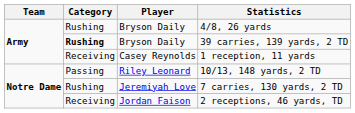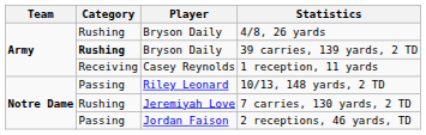 <table class="wikitable" style="float: right;">
 <tr>
 <th>Team</th>
 <th>Category</th>
 <th>Player</th>
 <th>Statistics</th>
 </tr>
 <tr>
 <td rowspan=3><strong>Army</strong></td>
 <td>Rushing</td>
 <td>Bryson Daily</td>
 <td>4/8, 26 yards</td>
 </tr>
 <tr>
 <td><strong>Rushing</strong></td>
 <td>Bryson Daily</td>
 <td>39 carries, 139 yards, 2 TD</td>
 </tr>
 <tr>
 <td>Receiving</td>
 <td>Casey Reynolds</td>
 <td>1 reception, 11 yards</td>
 </tr>
 <tr>
 <td rowspan=3><strong>Notre Dame</strong></td>
 <td>Passing</td>
 <td><a href='#'>Riley Leonard</a></td>
 <td>10/13, 148 yards, 2 TD</td>
 </tr>
 <tr>
 <td>Rushing</td>
 <td><a href='#'>Jeremiyah Love</a></td>
 <td>7 carries, 130 yards, 2 TD</td>
 </tr>
 <tr>
-<td>Receiving</td>
+<td>Passing</td>
 <td><a href='#'>Jordan Faison</a></td>
 <td>2 receptions, 46 yards, TD</td>
 </tr>
 </table>
